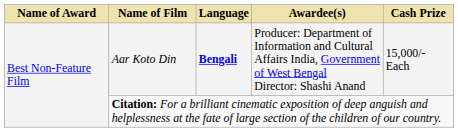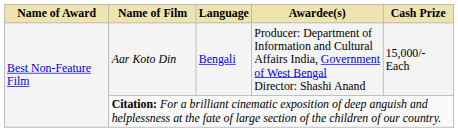 <table class="wikitable">
 <tr>
 <th style="background-color:#EFE4B0;width:24%;">Name of Award</th>
 <th style="background-color:#EFE4B0;width:20%;">Name of Film</th>
 <th style="background-color:#EFE4B0;width:10%;">Language</th>
 <th style="background-color:#EFE4B0;width:30%;">Awardee(s)</th>
 <th style="background-color:#EFE4B0;width:16%;">Cash Prize</th>
 </tr>
 <tr style="background-color:#F4F4F4">
 <td rowspan="2"><a href='#'>Best Non-Feature Film</a></td>
 <td><em>Aar Koto Din</em></td>
-<td><strong><a href='#'>Bengali</a></strong></td>
+<td><a href='#'>Bengali</a></td>
 <td>Producer: Department of Information and Cultural Affairs India, <a href='#'>Government of West Bengal</a><br>Director: Shashi Anand</td>
 <td> 15,000/- Each</td>
 </tr>
 <tr style="background-color:#F9F9F9">
 <td colspan="4"><strong>Citation:</strong> <em>For a brilliant cinematic exposition of deep anguish and helplessness at the fate of large section of the children of our country.</em></td>
 </tr>
 </table>
